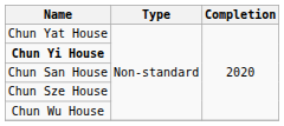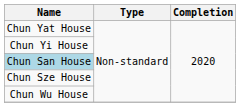 <table class="wikitable" style="text-align: center">
 <tr>
 <th>Name</th>
 <th>Type</th>
 <th>Completion</th>
 </tr>
 <tr>
 <td>Chun Yat House</td>
 <td rowspan="5">Non-standard</td>
 <td rowspan="5">2020</td>
 </tr>
 <tr>
-<td><strong>Chun Yi House</strong></td>
+<td>Chun Yi House</td>
 </tr>
 <tr>
-<td>Chun San House</td>
+<td style="background: lightblue;">Chun San House</td>
 </tr>
 <tr>
 <td>Chun Sze House</td>
 </tr>
 <tr>
 <td>Chun Wu House</td>
 </tr>
 <tr>
 </tr>
 </table>
